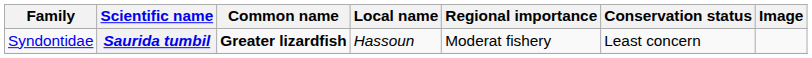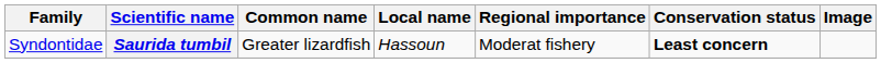 <table class="wikitable sortable">
 <tr>
 <th>Family</th>
 <th><a href='#'>Scientific name</a></th>
 <th><strong>Common name</strong></th>
 <th><strong>Local name</strong></th>
 <th>Regional importance</th>
 <th>Conservation status</th>
 <th>Image</th>
 </tr>
 <tr>
 <td><a href='#'>Syndontidae</a></td>
 <th><em><a href='#'>Saurida tumbil</a></em></th>
-<td><strong>Greater lizardfish</strong></td>
+<td>Greater lizardfish</td>
 <td><em>Hassoun</em> </td>
 <td>Moderat fishery</td>
-<td>Least concern</td>
+<td><strong>Least concern</strong></td>
 <td></td>
 </tr>
 <tr>
 </tr>
 </table>
